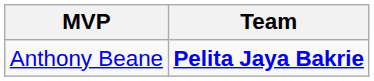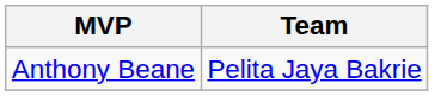 <table class="wikitable">
 <tr>
 <th>MVP</th>
 <th>Team</th>
 </tr>
 <tr>
 <td> <a href='#'>Anthony Beane</a></td>
-<td><strong><a href='#'>Pelita Jaya Bakrie</a></strong></td>
+<td><a href='#'>Pelita Jaya Bakrie</a></td>
 </tr>
 </table>
